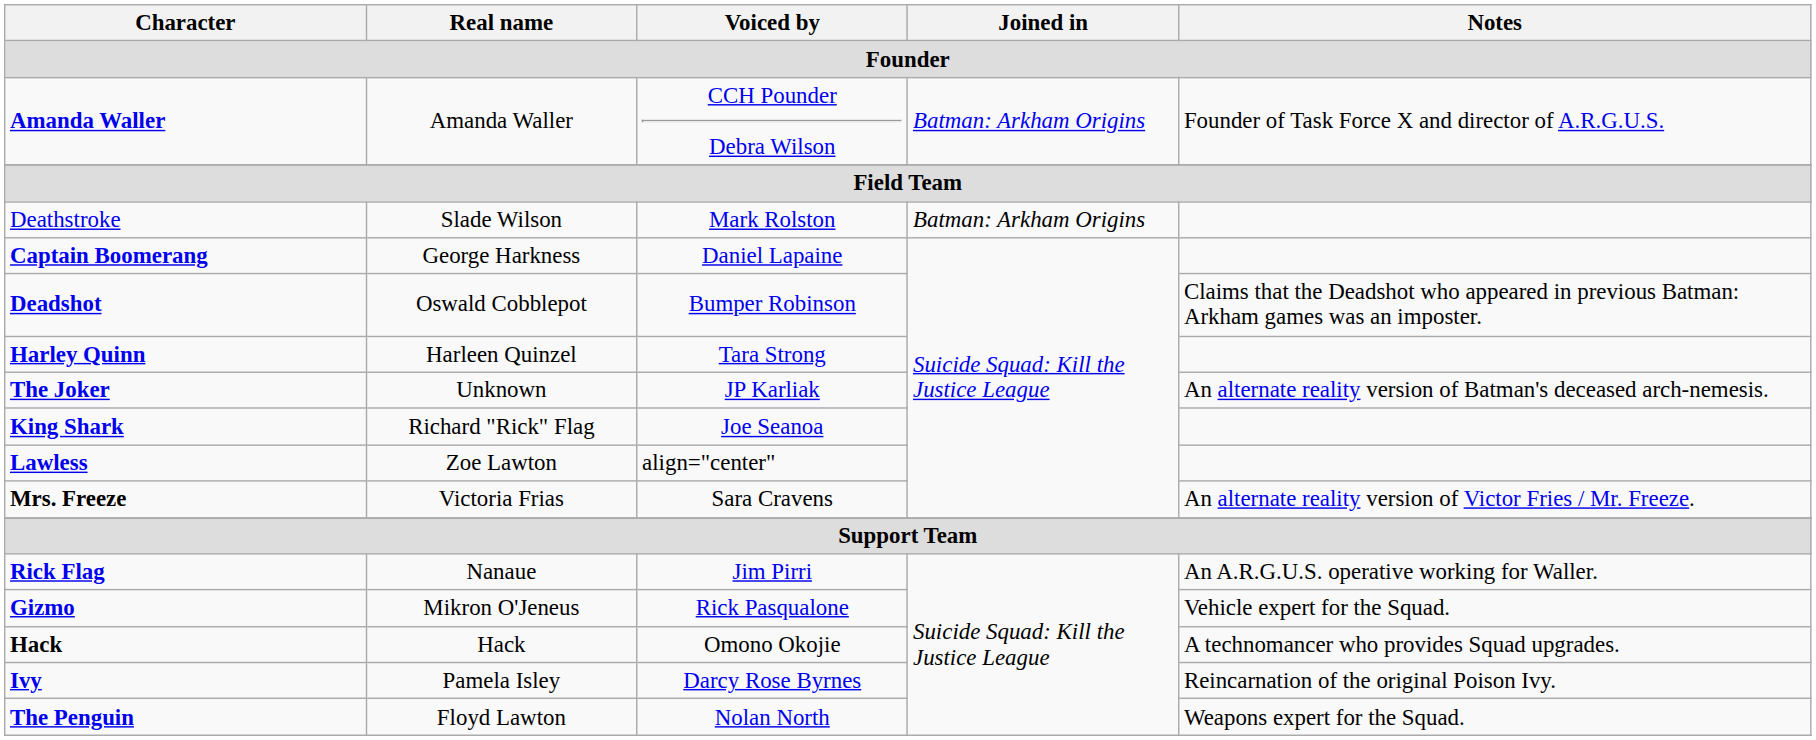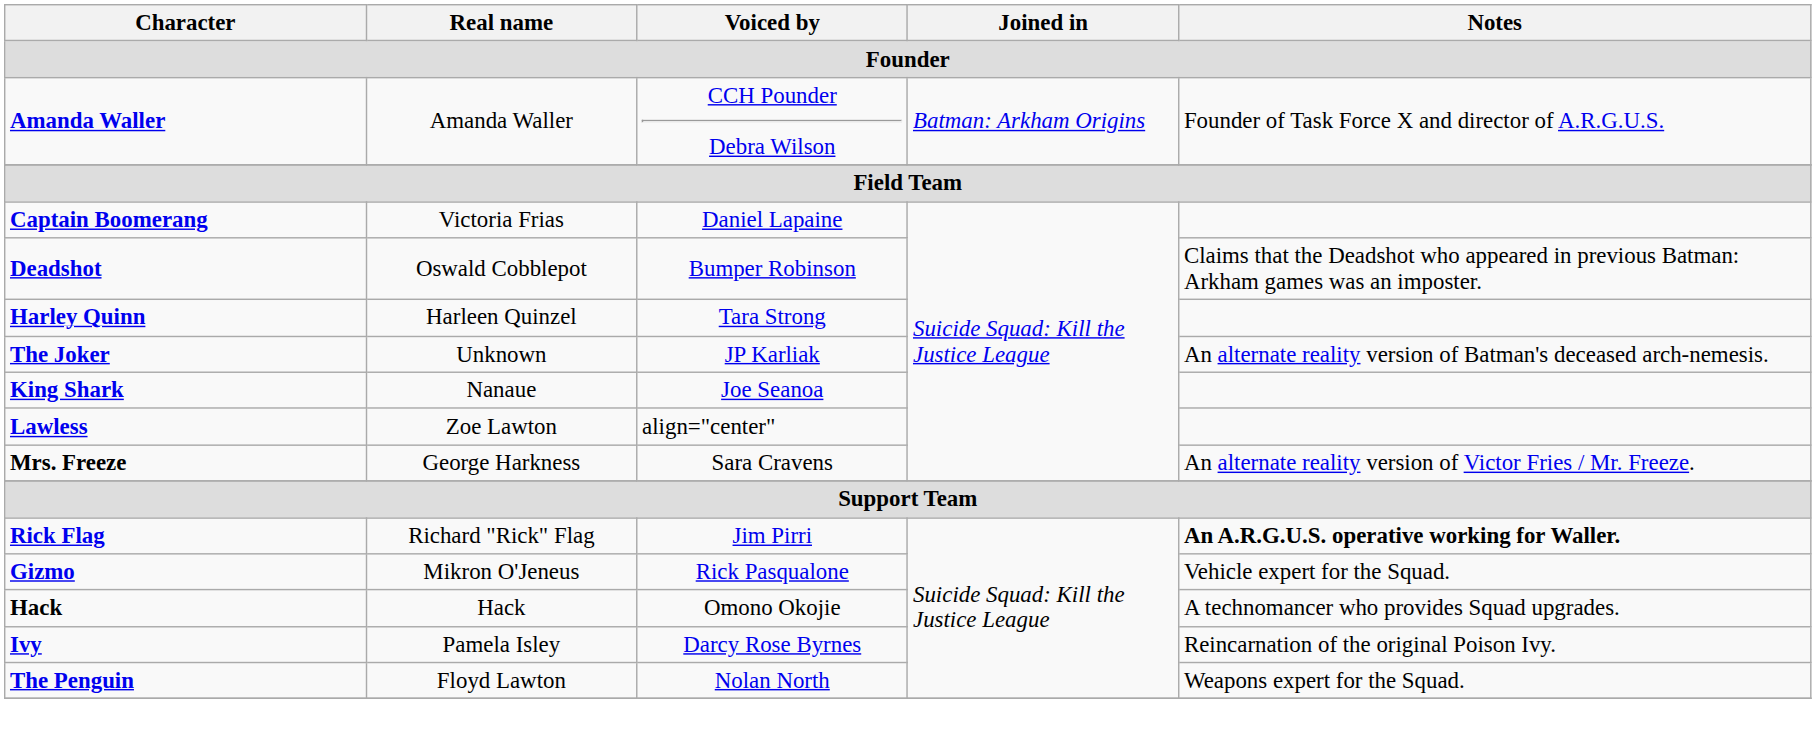 <table class="wikitable" width=100%>
 <tr>
 <th width=20%>Character</th>
 <th width=15%>Real name</th>
 <th width=15%>Voiced by</th>
 <th width=15%>Joined in</th>
 <th width=45%>Notes</th>
 </tr>
 <tr bgcolor="#DDDDDD">
 <td colspan="5" align="center"><strong>Founder</strong></td>
 </tr>
 <tr>
 <td><strong><a href='#'>Amanda Waller</a></strong></td>
 <td align="center">Amanda Waller</td>
 <td align="center"><a href='#'>CCH Pounder</a> <hr><a href='#'>Debra Wilson</a> </td>
 <td><em><a href='#'>Batman: Arkham Origins</a></em> </td>
 <td>Founder of Task Force X and director of <a href='#'>A.R.G.U.S.</a></td>
 </tr>
 <tr>
 </tr>
 <tr bgcolor="#DDDDDD">
 <td colspan="5" align="center"><strong>Field Team</strong></td>
 </tr>
 <tr>
-<td><a href='#'>Deathstroke</a></td>
-<td align="center">Slade Wilson</td>
-<td align="center"><a href='#'>Mark Rolston</a></td>
-<td><em>Batman: Arkham Origins</em> </td>
-<td></td>
-</tr>
-<tr>
 <td><strong><a href='#'>Captain Boomerang</a></strong></td>
-<td align="center">George Harkness</td>
+<td align="center">Victoria Frias</td>
 <td align="center"><a href='#'>Daniel Lapaine</a></td>
 <td rowspan="7"><em><a href='#'>Suicide Squad: Kill the Justice League</a></em> </td>
 <td></td>
 </tr>
 <tr>
 <td><strong><a href='#'>Deadshot</a></strong></td>
 <td align="center">Oswald Cobblepot</td>
 <td align="center"><a href='#'>Bumper Robinson</a></td>
 <td>Claims that the Deadshot who appeared in previous Batman: Arkham games was an imposter.</td>
 </tr>
 <tr>
 <td><strong><a href='#'>Harley Quinn</a></strong></td>
 <td align="center">Harleen Quinzel</td>
 <td align="center"><a href='#'>Tara Strong</a></td>
 <td></td>
 </tr>
 <tr>
 <td><strong><a href='#'>The Joker</a></strong></td>
 <td align="center">Unknown</td>
 <td align="center"><a href='#'>JP Karliak</a></td>
 <td>An <a href='#'>alternate reality</a> version of Batman's deceased arch-nemesis.</td>
 </tr>
 <tr>
 <td><strong><a href='#'>King Shark</a></strong></td>
-<td align="center">Richard "Rick" Flag</td>
+<td align="center">Nanaue</td>
 <td align="center"><a href='#'>Joe Seanoa</a></td>
 <td></td>
 </tr>
 <tr>
 <td><strong><a href='#'>Lawless</a></strong></td>
 <td align="center">Zoe Lawton</td>
 <td>align="center" </td>
 <td></td>
 </tr>
 <tr>
 <td><strong>Mrs. Freeze</strong></td>
-<td align="center">Victoria Frias</td>
+<td align="center">George Harkness</td>
 <td align="center">Sara Cravens</td>
 <td>An <a href='#'>alternate reality</a> version of <a href='#'>Victor Fries / Mr. Freeze</a>.</td>
 </tr>
 <tr>
 </tr>
 <tr bgcolor="#DDDDDD">
 <td colspan="5" align="center"><strong>Support Team</strong></td>
 </tr>
 <tr>
 <td><strong><a href='#'>Rick Flag</a></strong></td>
-<td align="center">Nanaue</td>
+<td align="center">Richard "Rick" Flag</td>
 <td align="center"><a href='#'>Jim Pirri</a></td>
 <td rowspan="5"><em>Suicide Squad: Kill the Justice League</em> </td>
-<td>An A.R.G.U.S. operative working for Waller.</td>
+<td><strong>An A.R.G.U.S. operative working for Waller.</strong></td>
 </tr>
 <tr>
 <td><strong><a href='#'>Gizmo</a></strong></td>
 <td align="center">Mikron O'Jeneus</td>
 <td align="center"><a href='#'>Rick Pasqualone</a></td>
 <td>Vehicle expert for the Squad.</td>
 </tr>
 <tr>
 <td><strong>Hack</strong></td>
 <td align="center">Hack</td>
 <td align="center">Omono Okojie</td>
 <td>A technomancer who provides Squad upgrades.</td>
 </tr>
 <tr>
 <td><strong><a href='#'>Ivy</a></strong></td>
 <td align="center">Pamela Isley</td>
 <td align="center"><a href='#'>Darcy Rose Byrnes</a></td>
 <td>Reincarnation of the original Poison Ivy.</td>
 </tr>
 <tr>
 <td><strong><a href='#'>The Penguin</a></strong></td>
 <td align="center">Floyd Lawton</td>
 <td align="center"><a href='#'>Nolan North</a></td>
 <td>Weapons expert for the Squad.</td>
 </tr>
 <tr>
 </tr>
 </table>
